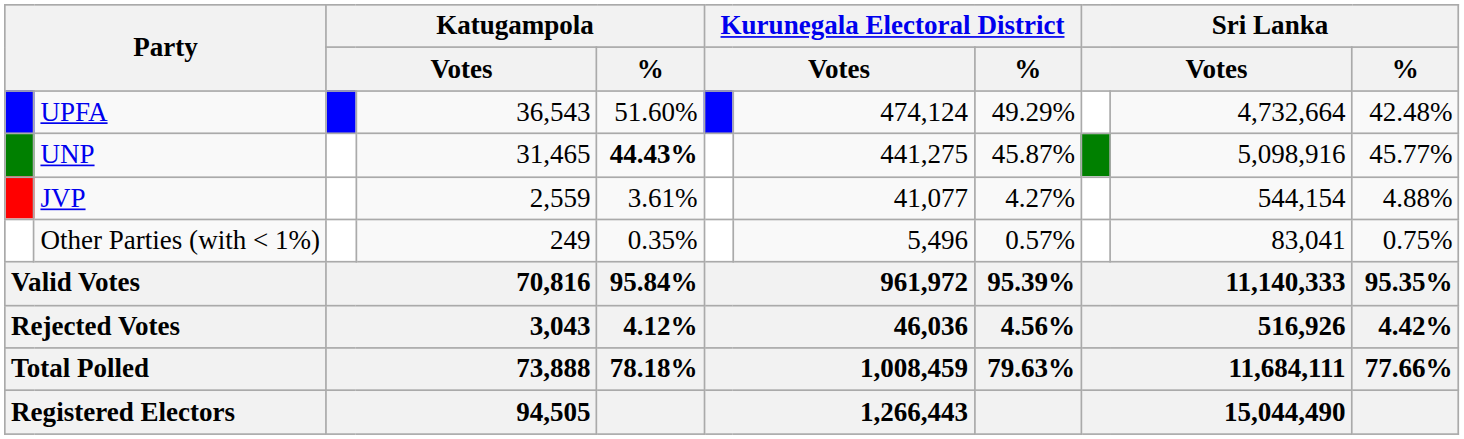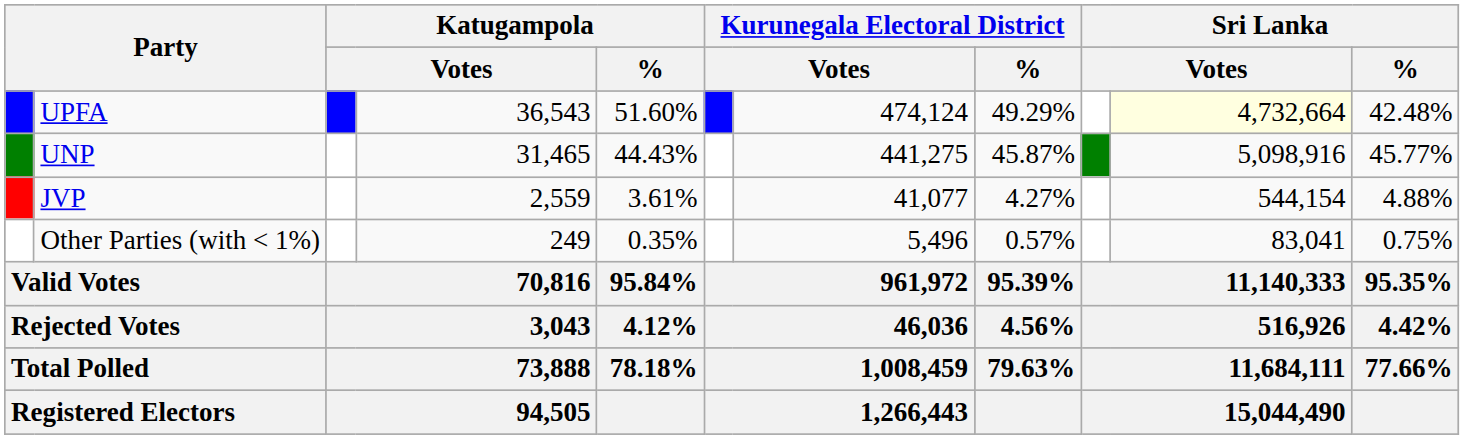 <table class="wikitable">
 <tr>
 <th colspan="2" width="144px"rowspan="2">Party</th>
 <th colspan="3" width="216px">Katugampola</th>
 <th colspan="3" width="216px"><a href='#'>Kurunegala Electoral District</a></th>
 <th colspan="3" width="216px">Sri Lanka</th>
 </tr>
 <tr>
 <th colspan="2" width="144px">Votes</th>
 <th>%</th>
 <th colspan="2" width="144px">Votes</th>
 <th>%</th>
 <th colspan="2" width="144px">Votes</th>
 <th>%</th>
 </tr>
 <tr>
 <td style="background-color:blue;" width="10px"></td>
 <td style="text-align:left;"><a href='#'>UPFA</a></td>
 <td style="background-color:blue;" width="10px"></td>
 <td style="text-align:right;">36,543</td>
 <td style="text-align:right;">51.60%</td>
 <td style="background-color:blue;" width="10px"></td>
 <td style="text-align:right;">474,124</td>
 <td style="text-align:right;">49.29%</td>
 <td style="background-color:white;" width="10px"></td>
-<td style="text-align:right;">4,732,664</td>
+<td style="background: lightyellow; text-align:right;">4,732,664</td>
 <td style="text-align:right;">42.48%</td>
 </tr>
 <tr>
 <td style="background-color:green;" width="10px"></td>
 <td style="text-align:left;"><a href='#'>UNP</a></td>
 <td style="background-color:white;" width="10px"></td>
 <td style="text-align:right;">31,465</td>
-<td style="text-align:right;"><strong>44.43%</strong></td>
+<td style="text-align:right;">44.43%</td>
 <td style="background-color:white;" width="10px"></td>
 <td style="text-align:right;">441,275</td>
 <td style="text-align:right;">45.87%</td>
 <td style="background-color:green;" width="10px"></td>
 <td style="text-align:right;">5,098,916</td>
 <td style="text-align:right;">45.77%</td>
 </tr>
 <tr>
 <td style="background-color:red;" width="10px"></td>
 <td style="text-align:left;"><a href='#'>JVP</a></td>
 <td style="background-color:white;" width="10px"></td>
 <td style="text-align:right;">2,559</td>
 <td style="text-align:right;">3.61%</td>
 <td style="background-color:white;" width="10px"></td>
 <td style="text-align:right;">41,077</td>
 <td style="text-align:right;">4.27%</td>
 <td style="background-color:white;" width="10px"></td>
 <td style="text-align:right;">544,154</td>
 <td style="text-align:right;">4.88%</td>
 </tr>
 <tr>
 <td style="background-color:white;" width="10px"></td>
 <td style="text-align:left;">Other Parties (with < 1%)</td>
 <td style="background-color:white;" width="10px"></td>
 <td style="text-align:right;">249</td>
 <td style="text-align:right;">0.35%</td>
 <td style="background-color:white;" width="10px"></td>
 <td style="text-align:right;">5,496</td>
 <td style="text-align:right;">0.57%</td>
 <td style="background-color:white;" width="10px"></td>
 <td style="text-align:right;">83,041</td>
 <td style="text-align:right;">0.75%</td>
 </tr>
 <tr>
 <th colspan="2" width="144px"style="text-align:left;">Valid Votes</th>
 <th style="text-align:right;"colspan="2" width="144px">70,816</th>
 <th style="text-align:right;">95.84%</th>
 <th style="text-align:right;"colspan="2" width="144px">961,972</th>
 <th style="text-align:right;">95.39%</th>
 <th style="text-align:right;"colspan="2" width="144px">11,140,333</th>
 <th style="text-align:right;">95.35%</th>
 </tr>
 <tr>
 <th colspan="2" width="144px"style="text-align:left;">Rejected Votes</th>
 <th style="text-align:right;"colspan="2" width="144px">3,043</th>
 <th style="text-align:right;">4.12%</th>
 <th style="text-align:right;"colspan="2" width="144px">46,036</th>
 <th style="text-align:right;">4.56%</th>
 <th style="text-align:right;"colspan="2" width="144px">516,926</th>
 <th style="text-align:right;">4.42%</th>
 </tr>
 <tr>
 <th colspan="2" width="144px"style="text-align:left;">Total Polled</th>
 <th style="text-align:right;"colspan="2" width="144px">73,888</th>
 <th style="text-align:right;">78.18%</th>
 <th style="text-align:right;"colspan="2" width="144px">1,008,459</th>
 <th style="text-align:right;">79.63%</th>
 <th style="text-align:right;"colspan="2" width="144px">11,684,111</th>
 <th style="text-align:right;">77.66%</th>
 </tr>
 <tr>
 <th colspan="2" width="144px"style="text-align:left;">Registered Electors</th>
 <th style="text-align:right;"colspan="2" width="144px">94,505</th>
 <th></th>
 <th style="text-align:right;"colspan="2" width="144px">1,266,443</th>
 <th></th>
 <th style="text-align:right;"colspan="2" width="144px">15,044,490</th>
 <th></th>
 </tr>
 </table>
